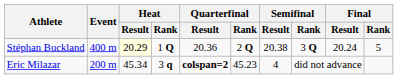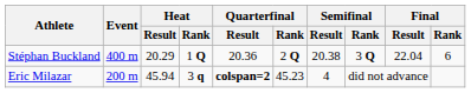 <table class=wikitable style="font-size:90%">
 <tr>
 <th rowspan="2">Athlete</th>
 <th rowspan="2">Event</th>
 <th colspan="2">Heat</th>
 <th colspan="2">Quarterfinal</th>
 <th colspan="2">Semifinal</th>
 <th colspan="2">Final</th>
 </tr>
 <tr style="font-size:95%">
 <th>Result</th>
 <th>Rank</th>
 <th>Result</th>
 <th>Rank</th>
 <th>Result</th>
 <th>Rank</th>
 <th>Result</th>
 <th>Rank</th>
 </tr>
 <tr align=center>
 <td align=left><a href='#'>Stéphan Buckland</a></td>
 <td align=left><a href='#'>400 m</a></td>
-<td style="background: lightyellow;">20.29</td>
+<td>20.29</td>
 <td>1 <strong>Q</strong></td>
 <td>20.36</td>
 <td>2 <strong>Q</strong></td>
 <td>20.38</td>
 <td>3 <strong>Q</strong></td>
-<td>20.24</td>
-<td>5</td>
+<td>22.04</td>
+<td>6</td>
 </tr>
 <tr align=center>
 <td align=left><a href='#'>Eric Milazar</a></td>
 <td align=left><a href='#'>200 m</a></td>
-<td>45.34</td>
+<td>45.94</td>
 <td>3 <strong>q</strong></td>
 <td><strong>colspan=2 </strong></td>
 <td>45.23</td>
 <td>4</td>
 <td colspan=2>did not advance</td>
 </tr>
 </table>
